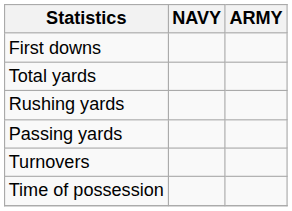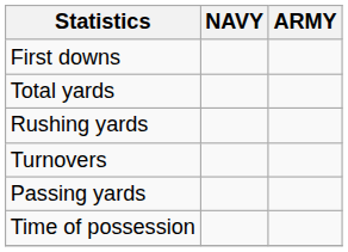 <table class="wikitable">
 <tr>
 <th>Statistics</th>
 <th>NAVY</th>
 <th>ARMY</th>
 </tr>
 <tr>
 <td>First downs</td>
 <td></td>
 <td></td>
 </tr>
 <tr>
 <td>Total yards</td>
 <td></td>
 <td></td>
 </tr>
 <tr>
 <td>Rushing yards</td>
 <td></td>
 <td></td>
 </tr>
 <tr>
-<td>Passing yards</td>
+<td>Turnovers</td>
 <td></td>
 <td></td>
 </tr>
 <tr>
-<td>Turnovers</td>
+<td>Passing yards</td>
 <td></td>
 <td></td>
 </tr>
 <tr>
 <td>Time of possession</td>
 <td></td>
 <td></td>
 </tr>
 <tr>
 </tr>
 </table>
